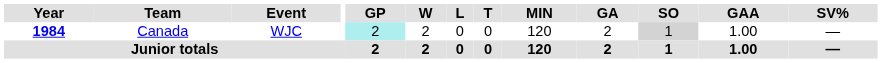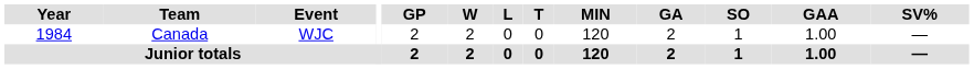 <table border="0" cellpadding="1" cellspacing="0" ID="Table3" style="text-align:center; width:60em">
 <tr ALIGN="center" bgcolor="#e0e0e0">
 <th>Year</th>
 <th>Team</th>
 <th>Event</th>
 <th rowspan="99" bgcolor="#ffffff"></th>
 <th>GP</th>
 <th>W</th>
 <th>L</th>
 <th>T</th>
 <th>MIN</th>
 <th>GA</th>
 <th>SO</th>
 <th>GAA</th>
 <th>SV%</th>
 </tr>
 <tr>
-<td><strong><a href='#'>1984</a></strong></td>
+<td><a href='#'>1984</a></td>
 <td><a href='#'>Canada</a></td>
 <td><a href='#'>WJC</a></td>
-<td style="background: paleturquoise;">2</td>
+<td>2</td>
 <td>2</td>
 <td>0</td>
 <td>0</td>
 <td>120</td>
 <td>2</td>
-<td style="background: lightgrey;">1</td>
+<td>1</td>
 <td>1.00</td>
 <td>—</td>
 </tr>
 <tr bgcolor="#e0e0e0">
 <th colspan=4>Junior totals</th>
 <th>2</th>
 <th>2</th>
 <th>0</th>
 <th>0</th>
 <th>120</th>
 <th>2</th>
 <th>1</th>
 <th>1.00</th>
 <th>—</th>
 </tr>
 </table>
